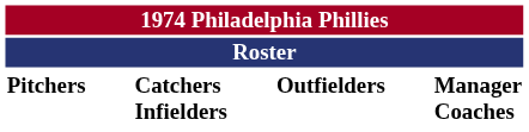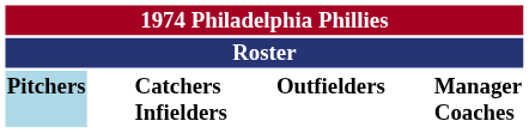 <table class="toccolours" style="font-size: 95%;">
 <tr>
 <th colspan="10" style="background-color: #A50024; color: white; text-align: center;">1974 Philadelphia Phillies</th>
 </tr>
 <tr>
 <td colspan="10" style="background-color: #263473; color: white; text-align: center;"><strong>Roster</strong></td>
 </tr>
 <tr>
-<td valign="top"><strong>Pitchers</strong><br>                  </td>
+<td valign="top" style="background: lightblue;"><strong>Pitchers</strong><br>                  </td>
 <td width="25px"></td>
 <td valign="top"><strong>Catchers</strong><br>    <strong>Infielders</strong>       </td>
 <td width="25px"></td>
 <td valign="top"><strong>Outfielders</strong><br>         </td>
 <td width="25px"></td>
 <td valign="top"><strong>Manager</strong><br> <strong>Coaches</strong>    </td>
 </tr>
 <tr>
 </tr>
 </table>
